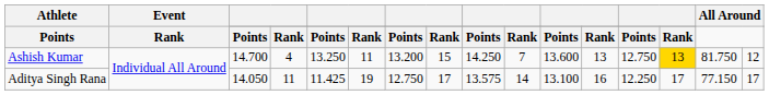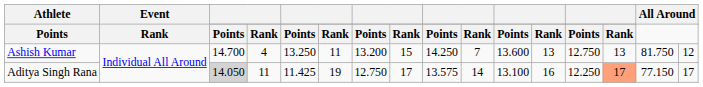 <table class="wikitable" style="text-align:center; font-size:90%">
 <tr>
 <th rowspan=2>Athlete</th>
 <th rowspan=2>Event</th>
 <th colspan=2></th>
 <th colspan=2></th>
 <th colspan=2></th>
 <th colspan=2></th>
 <th colspan=2></th>
 <th colspan=2></th>
 <th colspan=2>All Around</th>
 </tr>
 <tr style="font-size:95%">
 </tr>
 <tr>
 <th>Points</th>
 <th>Rank</th>
 <th>Points</th>
 <th>Rank</th>
 <th>Points</th>
 <th>Rank</th>
 <th>Points</th>
 <th>Rank</th>
 <th>Points</th>
 <th>Rank</th>
 <th>Points</th>
 <th>Rank</th>
 <th>Points</th>
 <th>Rank</th>
 </tr>
 <tr>
 <td align=left><a href='#'>Ashish Kumar</a></td>
 <td align=left rowspan=2><a href='#'>Individual All Around</a></td>
 <td>14.700</td>
 <td>4</td>
 <td>13.250</td>
 <td>11</td>
 <td>13.200</td>
 <td>15</td>
 <td>14.250</td>
 <td>7</td>
 <td>13.600</td>
 <td>13</td>
 <td>12.750</td>
-<td style="background: gold;">13</td>
+<td>13</td>
 <td>81.750</td>
 <td>12</td>
 </tr>
 <tr>
 <td align=left>Aditya Singh Rana</td>
-<td>14.050</td>
+<td style="background: lightgrey;">14.050</td>
 <td>11</td>
 <td>11.425</td>
 <td>19</td>
 <td>12.750</td>
 <td>17</td>
 <td>13.575</td>
 <td>14</td>
 <td>13.100</td>
 <td>16</td>
 <td>12.250</td>
-<td>17</td>
+<td style="background: lightsalmon;">17</td>
 <td>77.150</td>
 <td>17</td>
 </tr>
 </table>
